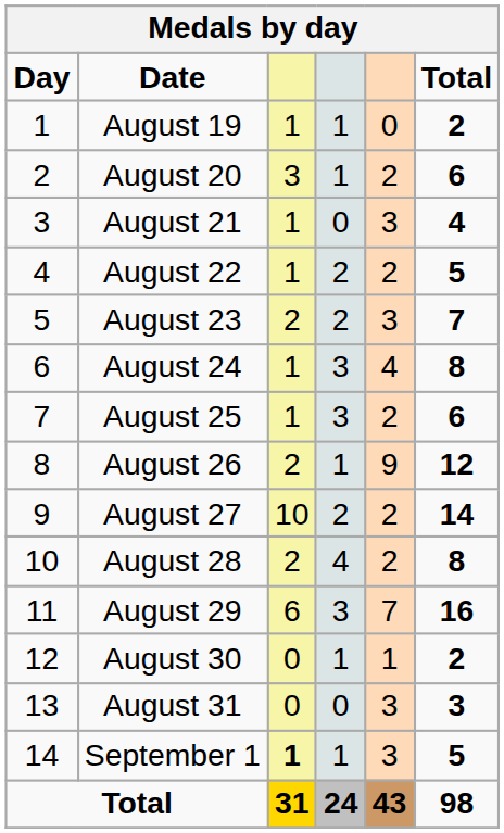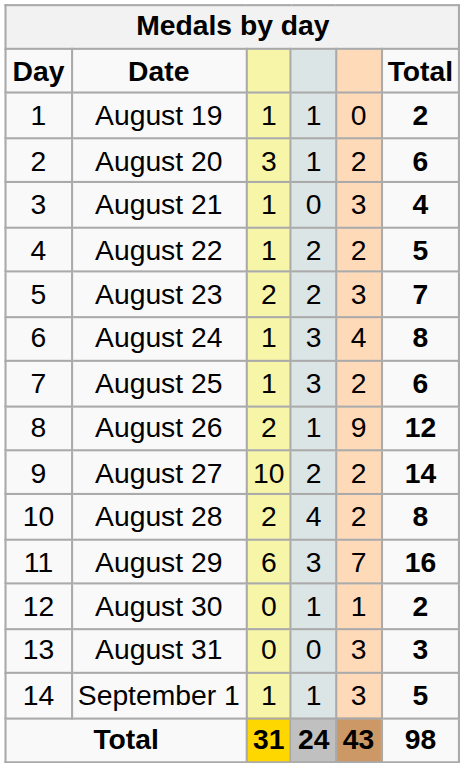 <table class=wikitable style="font-size:85%; float:right;text-align:center">
 <tr>
 <th colspan=7>Medals by day</th>
 </tr>
 <tr>
 <td><strong>Day</strong></td>
 <td><strong>Date</strong></td>
 <td bgcolor=F7F6A8></td>
 <td bgcolor=DCE5E5></td>
 <td bgcolor=FFDAB9></td>
 <td><strong>Total</strong></td>
 </tr>
 <tr>
 <td>1</td>
 <td>August 19</td>
 <td bgcolor=F7F6A8>1</td>
 <td bgcolor=DCE5E5>1</td>
 <td bgcolor=FFDAB9>0</td>
 <td><strong>2</strong></td>
 </tr>
 <tr>
 <td>2</td>
 <td>August 20</td>
 <td bgcolor=F7F6A8>3</td>
 <td bgcolor=DCE5E5>1</td>
 <td bgcolor=FFDAB9>2</td>
 <td><strong>6</strong></td>
 </tr>
 <tr>
 <td>3</td>
 <td>August 21</td>
 <td bgcolor=F7F6A8>1</td>
 <td bgcolor=DCE5E5>0</td>
 <td bgcolor=FFDAB9>3</td>
 <td><strong>4</strong></td>
 </tr>
 <tr>
 <td>4</td>
 <td>August 22</td>
 <td bgcolor=F7F6A8>1</td>
 <td bgcolor=DCE5E5>2</td>
 <td bgcolor=FFDAB9>2</td>
 <td><strong>5</strong></td>
 </tr>
 <tr>
 <td>5</td>
 <td>August 23</td>
 <td bgcolor=F7F6A8>2</td>
 <td bgcolor=DCE5E5>2</td>
 <td bgcolor=FFDAB9>3</td>
 <td><strong>7</strong></td>
 </tr>
 <tr>
 <td>6</td>
 <td>August 24</td>
 <td bgcolor=F7F6A8>1</td>
 <td bgcolor=DCE5E5>3</td>
 <td bgcolor=FFDAB9>4</td>
 <td><strong>8</strong></td>
 </tr>
 <tr>
 <td>7</td>
 <td>August 25</td>
 <td bgcolor=F7F6A8>1</td>
 <td bgcolor=DCE5E5>3</td>
 <td bgcolor=FFDAB9>2</td>
 <td><strong>6</strong></td>
 </tr>
 <tr>
 <td>8</td>
 <td>August 26</td>
 <td bgcolor=F7F6A8>2</td>
 <td bgcolor=DCE5E5>1</td>
 <td bgcolor=FFDAB9>9</td>
 <td><strong>12</strong></td>
 </tr>
 <tr>
 <td>9</td>
 <td>August 27</td>
 <td bgcolor=F7F6A8>10</td>
 <td bgcolor=DCE5E5>2</td>
 <td bgcolor=FFDAB9>2</td>
 <td><strong>14</strong></td>
 </tr>
 <tr>
 <td>10</td>
 <td>August 28</td>
 <td bgcolor=F7F6A8>2</td>
 <td bgcolor=DCE5E5>4</td>
 <td bgcolor=FFDAB9>2</td>
 <td><strong>8</strong></td>
 </tr>
 <tr>
 <td>11</td>
 <td>August 29</td>
 <td bgcolor=F7F6A8>6</td>
 <td bgcolor=DCE5E5>3</td>
 <td bgcolor=FFDAB9>7</td>
 <td><strong>16</strong></td>
 </tr>
 <tr>
 <td>12</td>
 <td>August 30</td>
 <td bgcolor=F7F6A8>0</td>
 <td bgcolor=DCE5E5>1</td>
 <td bgcolor=FFDAB9>1</td>
 <td><strong>2</strong></td>
 </tr>
 <tr>
 <td>13</td>
 <td>August 31</td>
 <td bgcolor=F7F6A8>0</td>
 <td bgcolor=DCE5E5>0</td>
 <td bgcolor=FFDAB9>3</td>
 <td><strong>3</strong></td>
 </tr>
 <tr>
 <td>14</td>
 <td>September 1</td>
-<td bgcolor=F7F6A8><strong>1</strong></td>
+<td bgcolor=F7F6A8>1</td>
 <td bgcolor=DCE5E5>1</td>
 <td bgcolor=FFDAB9>3</td>
 <td><strong>5</strong></td>
 </tr>
 <tr>
 <td colspan=2><strong>Total</strong></td>
 <td style="background:gold;"><strong>31</strong></td>
 <td style="background:silver;"><strong>24</strong></td>
 <td style="background:#c96;"><strong>43</strong></td>
 <td><strong>98</strong></td>
 </tr>
 </table>
